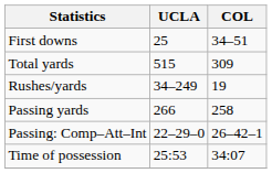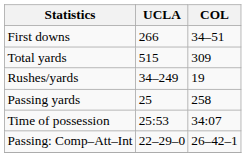 <table class="wikitable" style="float: left;">
 <tr>
 <th>Statistics</th>
 <th>UCLA</th>
 <th>COL</th>
 </tr>
 <tr>
 <td>First downs</td>
-<td>25</td>
+<td>266</td>
 <td>34–51</td>
 </tr>
 <tr>
 <td>Total yards</td>
 <td>515</td>
 <td>309</td>
 </tr>
 <tr>
 <td>Rushes/yards</td>
 <td>34–249</td>
 <td>19</td>
 </tr>
 <tr>
 <td>Passing yards</td>
-<td>266</td>
+<td>25</td>
 <td>258</td>
+</tr>
+<tr>
+<td>Time of possession</td>
+<td>25:53</td>
+<td>34:07</td>
 </tr>
 <tr>
 <td>Passing: Comp–Att–Int</td>
 <td>22–29–0</td>
 <td>26–42–1</td>
 </tr>
 <tr>
-<td>Time of possession</td>
-<td>25:53</td>
-<td>34:07</td>
-</tr>
-<tr>
 </tr>
 </table>
